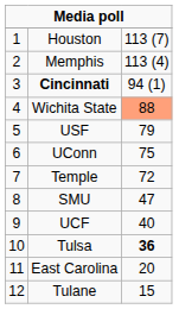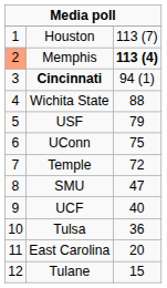 <table class="wikitable">
 <tr align="center">
 <td align="center" Colspan="3"><strong>Media poll</strong></td>
 </tr>
 <tr align="center">
 </tr>
 <tr align="center">
 <td>1</td>
 <td>Houston</td>
 <td>113 (7)</td>
 </tr>
 <tr align="center">
-<td>2</td>
+<td style="background: lightsalmon;">2</td>
 <td>Memphis</td>
-<td>113 (4)</td>
+<td><strong>113 (4)</strong></td>
 </tr>
 <tr align="center">
 <td>3</td>
 <td><strong>Cincinnati</strong></td>
 <td>94 (1)</td>
 </tr>
 <tr align="center">
 <td>4</td>
 <td>Wichita State</td>
-<td style="background: lightsalmon;">88</td>
+<td>88</td>
 </tr>
 <tr align="center">
 <td>5</td>
 <td>USF</td>
 <td>79</td>
 </tr>
 <tr align="center">
 <td>6</td>
 <td>UConn</td>
 <td>75</td>
 </tr>
 <tr align="center">
 <td>7</td>
 <td>Temple</td>
 <td>72</td>
 </tr>
 <tr align="center">
 <td>8</td>
 <td>SMU</td>
 <td>47</td>
 </tr>
 <tr align="center">
 <td>9</td>
 <td>UCF</td>
 <td>40</td>
 </tr>
 <tr align="center">
 <td>10</td>
 <td>Tulsa</td>
-<td><strong>36</strong></td>
+<td>36</td>
 </tr>
 <tr align="center">
 <td>11</td>
 <td>East Carolina</td>
 <td>20</td>
 </tr>
 <tr align="center">
 <td>12</td>
 <td>Tulane</td>
 <td>15</td>
 </tr>
 </table>
